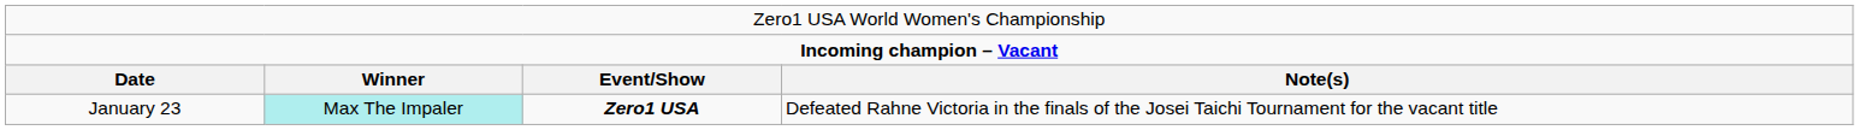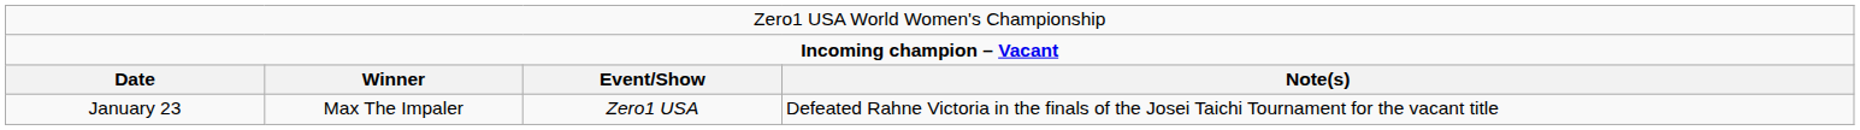 <table class="wikitable" style="text-align:center; width:100%;">
 <tr>
 <td colspan="4" style="text-align: center;">Zero1 USA World Women's Championship</td>
 </tr>
 <tr>
 <td colspan="4" style="text-align: center;"><strong>Incoming champion – <a href='#'>Vacant</a></strong></td>
 </tr>
 <tr>
 <th width=14%>Date</th>
 <th width=14%>Winner</th>
 <th width=14%>Event/Show</th>
 <th width=58%>Note(s)</th>
 </tr>
 <tr>
 <td>January 23</td>
-<td style="background: paleturquoise;">Max The Impaler</td>
-<td><strong><em>Zero1 USA</em></strong></td>
+<td>Max The Impaler</td>
+<td><em>Zero1 USA</em></td>
 <td align=left>Defeated Rahne Victoria in the finals of the Josei Taichi Tournament for the vacant title</td>
 </tr>
 </table>
